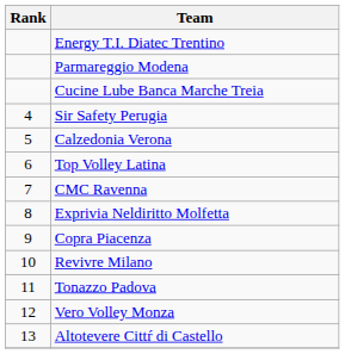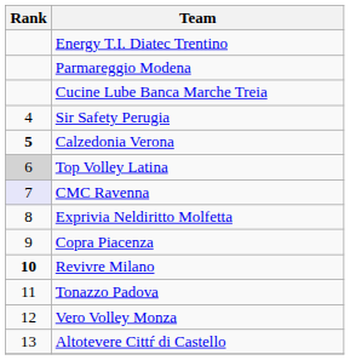 <table class="wikitable" style="text-align: center;">
 <tr>
 <th width=40>Rank</th>
 <th width=290>Team</th>
 </tr>
 <tr>
 <td></td>
 <td align=left><a href='#'>Energy T.I. Diatec Trentino</a></td>
 </tr>
 <tr>
 <td></td>
 <td align=left><a href='#'>Parmareggio Modena</a></td>
 </tr>
 <tr>
 <td></td>
 <td align=left><a href='#'>Cucine Lube Banca Marche Treia</a></td>
 </tr>
 <tr>
 <td>4</td>
 <td align=left><a href='#'>Sir Safety Perugia</a></td>
 </tr>
 <tr>
-<td>5</td>
+<td><strong>5</strong></td>
 <td align=left><a href='#'>Calzedonia Verona</a></td>
 </tr>
 <tr>
-<td>6</td>
+<td style="background: lightgrey;">6</td>
 <td align=left><a href='#'>Top Volley Latina</a></td>
 </tr>
 <tr>
-<td>7</td>
+<td style="background: lavender;">7</td>
 <td align=left><a href='#'>CMC Ravenna</a></td>
 </tr>
 <tr>
 <td>8</td>
 <td align=left><a href='#'>Exprivia Neldiritto Molfetta</a></td>
 </tr>
 <tr>
 <td>9</td>
 <td align=left><a href='#'>Copra Piacenza</a></td>
 </tr>
 <tr>
-<td>10</td>
+<td><strong>10</strong></td>
 <td align=left><a href='#'>Revivre Milano</a></td>
 </tr>
 <tr>
 <td>11</td>
 <td align=left><a href='#'>Tonazzo Padova</a></td>
 </tr>
 <tr>
 <td>12</td>
 <td align=left><a href='#'>Vero Volley Monza</a></td>
 </tr>
 <tr>
 <td>13</td>
 <td align=left><a href='#'>Altotevere Cittŕ di Castello</a></td>
 </tr>
 <tr>
 </tr>
 </table>
